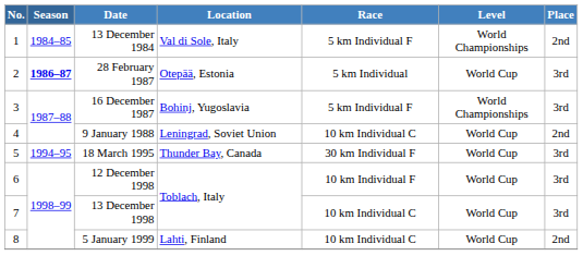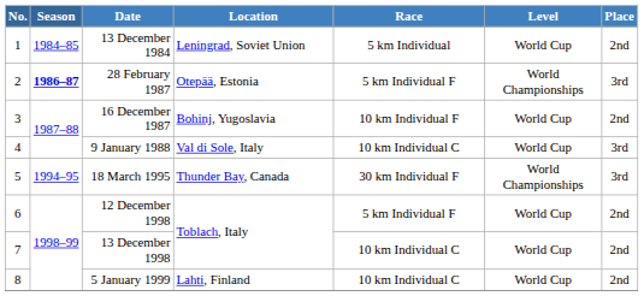 <table class="wikitable sortable" style="font-size:95%; text-align:center; border:grey solid 1px; border-collapse:collapse; background:#ffffff;">
 <tr style="background:#efefef;">
 <th style="background-color:#369; color:white;">No.</th>
 <th style="background-color:#369; color:white;">Season</th>
 <th style="background-color:#4180be; color:white; width:100px;">Date</th>
 <th style="background-color:#4180be; color:white; width:180px;">Location</th>
 <th style="background-color:#4180be; color:white; width:170px;">Race</th>
 <th style="background-color:#4180be; color:white; width:130px;">Level</th>
 <th style="background-color:#4180be; color:white;">Place</th>
 </tr>
 <tr>
 <td align=center>1</td>
 <td rowspan=1 align=center><a href='#'>1984–85</a></td>
 <td align=right>13 December 1984</td>
-<td align=left> <a href='#'>Val di Sole</a>, Italy</td>
-<td>5 km Individual F</td>
-<td>World Championships</td>
+<td align=left> <a href='#'>Leningrad</a>, Soviet Union</td>
+<td>5 km Individual</td>
+<td>World Cup</td>
 <td>2nd</td>
 </tr>
 <tr>
 <td align=center>2</td>
 <td rowspan=1 align=center><strong><a href='#'>1986–87</a></strong></td>
 <td align=right>28 February 1987</td>
 <td align=left> <a href='#'>Otepää</a>, Estonia</td>
-<td>5 km Individual</td>
-<td>World Cup</td>
+<td>5 km Individual F</td>
+<td>World Championships</td>
 <td>3rd</td>
 </tr>
 <tr>
 <td align=center>3</td>
 <td rowspan=2 align=center><a href='#'>1987–88</a></td>
 <td align=right>16 December 1987</td>
 <td align=left> <a href='#'>Bohinj</a>, Yugoslavia</td>
-<td>5 km Individual F</td>
-<td>World Championships</td>
-<td>3rd</td>
+<td>10 km Individual F</td>
+<td>World Cup</td>
+<td>2nd</td>
 </tr>
 <tr>
 <td align=center>4</td>
 <td align=right>9 January 1988</td>
-<td align=left> <a href='#'>Leningrad</a>, Soviet Union</td>
+<td align=left> <a href='#'>Val di Sole</a>, Italy</td>
 <td>10 km Individual C</td>
 <td>World Cup</td>
-<td>2nd</td>
+<td>3rd</td>
 </tr>
 <tr>
 <td align=center>5</td>
 <td rowspan=1 align=center><a href='#'>1994–95</a></td>
 <td align=right>18 March 1995</td>
 <td align=left> <a href='#'>Thunder Bay</a>, Canada</td>
 <td>30 km Individual F</td>
-<td>World Cup</td>
+<td>World Championships</td>
 <td>3rd</td>
 </tr>
 <tr>
 <td align=center>6</td>
 <td rowspan=3 align=center><a href='#'>1998–99</a></td>
 <td align=right>12 December 1998</td>
 <td rowspan=2 align=left> <a href='#'>Toblach</a>, Italy</td>
-<td>10 km Individual F</td>
+<td>5 km Individual F</td>
 <td>World Cup</td>
-<td>3rd</td>
+<td>2nd</td>
 </tr>
 <tr>
 <td align=center>7</td>
 <td align=right>13 December 1998</td>
 <td>10 km Individual C</td>
 <td>World Cup</td>
-<td>3rd</td>
+<td>2nd</td>
 </tr>
 <tr>
 <td align=center>8</td>
 <td align=right>5 January 1999</td>
 <td align=left> <a href='#'>Lahti</a>, Finland</td>
 <td>10 km Individual C</td>
 <td>World Cup</td>
 <td>2nd</td>
 </tr>
 <tr>
 </tr>
 </table>
